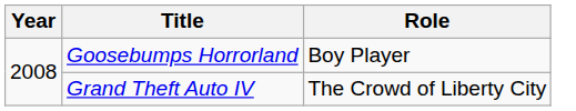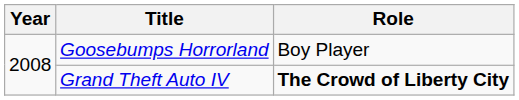 <table class="wikitable sortable">
 <tr>
 <th>Year</th>
 <th>Title</th>
 <th class="unsortable">Role</th>
 </tr>
 <tr>
 <td rowspan="2">2008</td>
 <td><em><a href='#'>Goosebumps Horrorland</a></em></td>
 <td>Boy Player</td>
 </tr>
 <tr>
 <td><em><a href='#'>Grand Theft Auto IV</a></em></td>
-<td>The Crowd of Liberty City</td>
+<td><strong>The Crowd of Liberty City</strong></td>
 </tr>
 </table>
